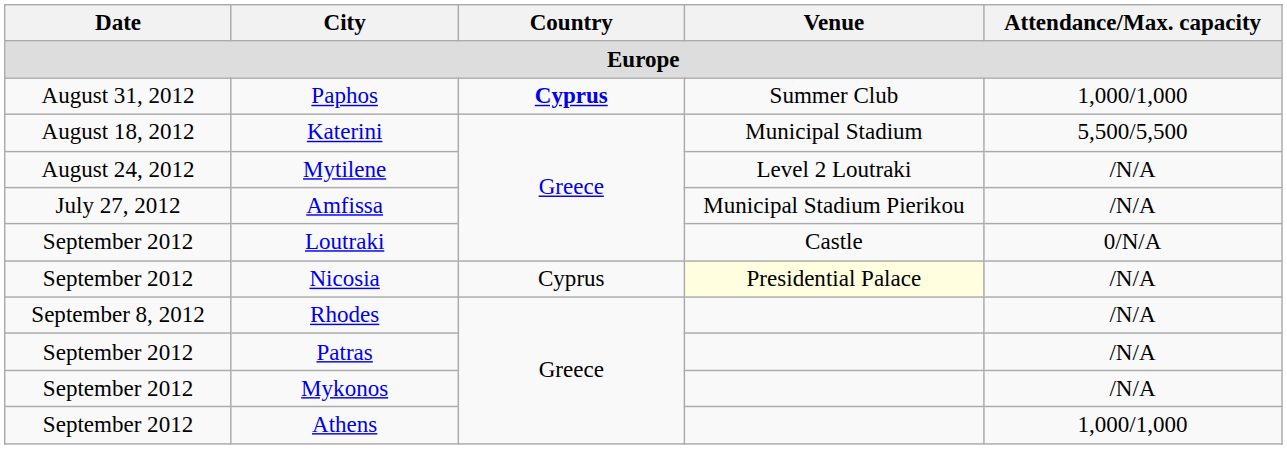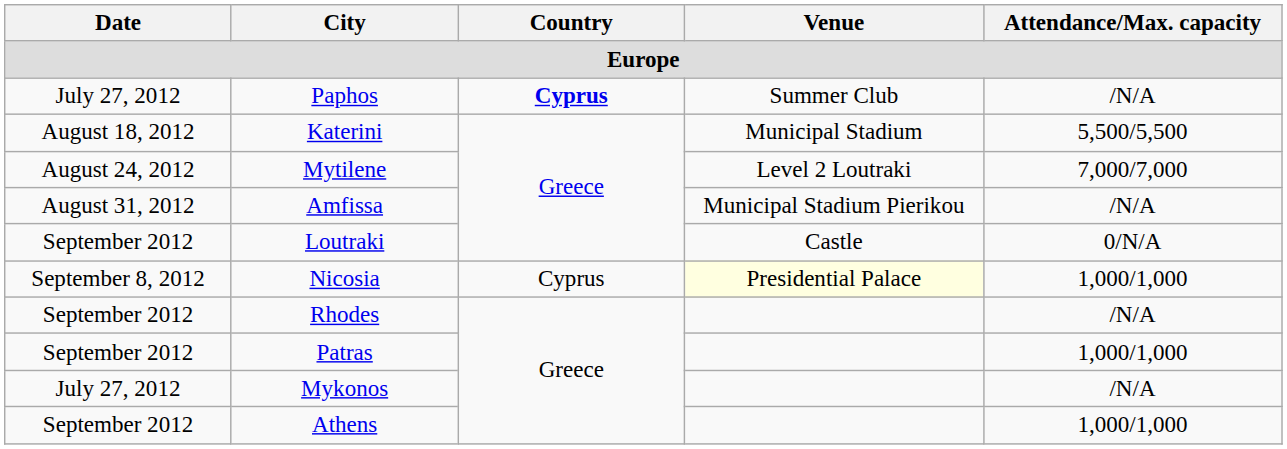 <table class="wikitable" style="text-align:center;">
 <tr>
 <th width="150">Date</th>
 <th width="150">City</th>
 <th width="150">Country</th>
 <th width="200">Venue</th>
 <th width="200">Attendance/Max. capacity</th>
 </tr>
 <tr bgcolor="#DDDDDD">
 <td colspan=5><strong>Europe</strong></td>
 </tr>
 <tr>
-<td>August 31, 2012</td>
+<td>July 27, 2012</td>
 <td><a href='#'>Paphos</a></td>
 <td><strong><a href='#'>Cyprus</a></strong></td>
 <td>Summer Club</td>
-<td>1,000/1,000</td>
+<td>/N/A</td>
 </tr>
 <tr>
 <td>August 18, 2012</td>
 <td><a href='#'>Katerini</a></td>
 <td rowspan="4"><a href='#'>Greece</a></td>
 <td>Municipal Stadium</td>
 <td>5,500/5,500</td>
 </tr>
 <tr>
 <td>August 24, 2012</td>
 <td><a href='#'>Mytilene</a></td>
 <td>Level 2 Loutraki</td>
-<td>/N/A</td>
+<td>7,000/7,000</td>
 </tr>
 <tr>
-<td>July 27, 2012</td>
+<td>August 31, 2012</td>
 <td><a href='#'>Amfissa</a></td>
 <td>Municipal Stadium Pierikou</td>
 <td>/N/A</td>
 </tr>
 <tr>
 <td>September 2012</td>
 <td><a href='#'>Loutraki</a></td>
 <td>Castle</td>
 <td>0/N/A</td>
 </tr>
 <tr>
-<td>September 2012</td>
+<td>September 8, 2012</td>
 <td><a href='#'>Nicosia</a></td>
 <td>Cyprus</td>
 <td style="background: lightyellow;">Presidential Palace</td>
-<td>/N/A</td>
+<td>1,000/1,000</td>
 </tr>
 <tr>
-<td>September 8, 2012</td>
+<td>September 2012</td>
 <td><a href='#'>Rhodes</a></td>
 <td rowspan="4">Greece</td>
 <td></td>
 <td>/N/A</td>
 </tr>
 <tr>
 <td>September 2012</td>
 <td><a href='#'>Patras</a></td>
 <td></td>
-<td>/N/A</td>
+<td>1,000/1,000</td>
 </tr>
 <tr>
-<td>September 2012</td>
+<td>July 27, 2012</td>
 <td><a href='#'>Mykonos</a></td>
 <td></td>
 <td>/N/A</td>
 </tr>
 <tr>
 <td>September 2012</td>
 <td><a href='#'>Athens</a></td>
 <td></td>
 <td>1,000/1,000</td>
 </tr>
 </table>
